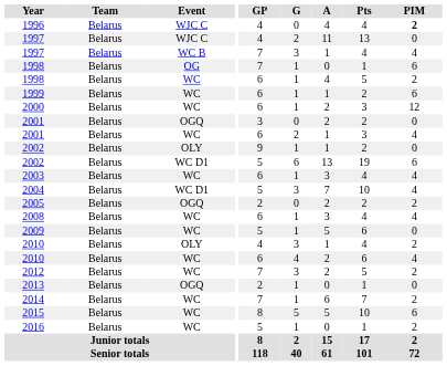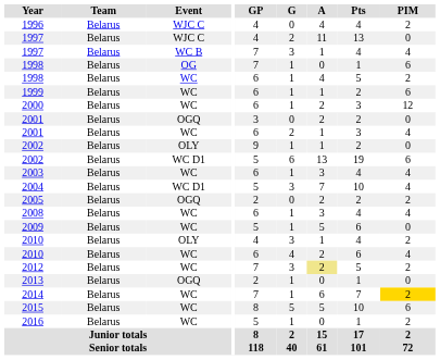 <table border="0" cellpadding="1" cellspacing="0" ID="Table3" style="text-align:center; width:40em">
 <tr bgcolor="#e0e0e0">
 <th>Year</th>
 <th>Team</th>
 <th>Event</th>
 <th rowspan="102" bgcolor="#ffffff"></th>
 <th>GP</th>
 <th>G</th>
 <th>A</th>
 <th>Pts</th>
 <th>PIM</th>
 </tr>
 <tr>
 <td><a href='#'>1996</a></td>
 <td><a href='#'>Belarus</a></td>
 <td><a href='#'>WJC C</a></td>
 <td>4</td>
 <td>0</td>
 <td>4</td>
 <td>4</td>
-<td><strong>2</strong></td>
+<td>2</td>
 </tr>
 <tr bgcolor="#f0f0f0">
 <td><a href='#'>1997</a></td>
 <td>Belarus</td>
 <td>WJC C</td>
 <td>4</td>
 <td>2</td>
 <td>11</td>
 <td>13</td>
 <td>0</td>
 </tr>
 <tr>
 <td><a href='#'>1997</a></td>
 <td><a href='#'>Belarus</a></td>
 <td><a href='#'>WC B</a></td>
 <td>7</td>
 <td>3</td>
 <td>1</td>
 <td>4</td>
 <td>4</td>
 </tr>
 <tr bgcolor="#f0f0f0">
 <td><a href='#'>1998</a></td>
 <td>Belarus</td>
 <td><a href='#'>OG</a></td>
 <td>7</td>
 <td>1</td>
 <td>0</td>
 <td>1</td>
 <td>6</td>
 </tr>
 <tr>
 <td><a href='#'>1998</a></td>
 <td>Belarus</td>
 <td><a href='#'>WC</a></td>
 <td>6</td>
 <td>1</td>
 <td>4</td>
 <td>5</td>
 <td>2</td>
 </tr>
 <tr bgcolor="#f0f0f0">
 <td><a href='#'>1999</a></td>
 <td>Belarus</td>
 <td>WC</td>
 <td>6</td>
 <td>1</td>
 <td>1</td>
 <td>2</td>
 <td>6</td>
 </tr>
 <tr>
 <td><a href='#'>2000</a></td>
 <td>Belarus</td>
 <td>WC</td>
 <td>6</td>
 <td>1</td>
 <td>2</td>
 <td>3</td>
 <td>12</td>
 </tr>
 <tr bgcolor="#f0f0f0">
 <td><a href='#'>2001</a></td>
 <td>Belarus</td>
 <td>OGQ</td>
 <td>3</td>
 <td>0</td>
 <td>2</td>
 <td>2</td>
 <td>0</td>
 </tr>
 <tr>
 <td><a href='#'>2001</a></td>
 <td>Belarus</td>
 <td>WC</td>
 <td>6</td>
 <td>2</td>
 <td>1</td>
 <td>3</td>
 <td>4</td>
 </tr>
 <tr bgcolor="#f0f0f0">
 <td><a href='#'>2002</a></td>
 <td>Belarus</td>
 <td>OLY</td>
 <td>9</td>
 <td>1</td>
 <td>1</td>
 <td>2</td>
 <td>0</td>
 </tr>
 <tr>
 <td><a href='#'>2002</a></td>
 <td>Belarus</td>
 <td>WC D1</td>
 <td>5</td>
 <td>6</td>
 <td>13</td>
 <td>19</td>
 <td>6</td>
 </tr>
 <tr bgcolor="#f0f0f0">
 <td><a href='#'>2003</a></td>
 <td>Belarus</td>
 <td>WC</td>
 <td>6</td>
 <td>1</td>
 <td>3</td>
 <td>4</td>
 <td>4</td>
 </tr>
 <tr>
 <td><a href='#'>2004</a></td>
 <td>Belarus</td>
 <td>WC D1</td>
 <td>5</td>
 <td>3</td>
 <td>7</td>
 <td>10</td>
 <td>4</td>
 </tr>
 <tr bgcolor="#f0f0f0">
 <td><a href='#'>2005</a></td>
 <td>Belarus</td>
 <td>OGQ</td>
 <td>2</td>
 <td>0</td>
 <td>2</td>
 <td>2</td>
 <td>2</td>
 </tr>
 <tr>
 <td><a href='#'>2008</a></td>
 <td>Belarus</td>
 <td>WC</td>
 <td>6</td>
 <td>1</td>
 <td>3</td>
 <td>4</td>
 <td>4</td>
 </tr>
 <tr bgcolor="#f0f0f0">
 <td><a href='#'>2009</a></td>
 <td>Belarus</td>
 <td>WC</td>
 <td>5</td>
 <td>1</td>
 <td>5</td>
 <td>6</td>
 <td>0</td>
 </tr>
 <tr>
 <td><a href='#'>2010</a></td>
 <td>Belarus</td>
 <td>OLY</td>
 <td>4</td>
 <td>3</td>
 <td>1</td>
 <td>4</td>
 <td>2</td>
 </tr>
 <tr bgcolor="#f0f0f0">
 <td><a href='#'>2010</a></td>
 <td>Belarus</td>
 <td>WC</td>
 <td>6</td>
 <td>4</td>
 <td>2</td>
 <td>6</td>
 <td>4</td>
 </tr>
 <tr>
 <td><a href='#'>2012</a></td>
 <td>Belarus</td>
 <td>WC</td>
 <td>7</td>
 <td>3</td>
-<td>2</td>
+<td style="background: khaki;">2</td>
 <td>5</td>
 <td>2</td>
 </tr>
 <tr bgcolor="#f0f0f0">
 <td><a href='#'>2013</a></td>
 <td>Belarus</td>
 <td>OGQ</td>
 <td>2</td>
 <td>1</td>
 <td>0</td>
 <td>1</td>
 <td>0</td>
 </tr>
 <tr>
 <td><a href='#'>2014</a></td>
 <td>Belarus</td>
 <td>WC</td>
 <td>7</td>
 <td>1</td>
 <td>6</td>
 <td>7</td>
-<td>2</td>
+<td style="background: gold;">2</td>
 </tr>
 <tr bgcolor="#f0f0f0">
 <td><a href='#'>2015</a></td>
 <td>Belarus</td>
 <td>WC</td>
 <td>8</td>
 <td>5</td>
 <td>5</td>
 <td>10</td>
 <td>6</td>
 </tr>
 <tr>
 <td><a href='#'>2016</a></td>
 <td>Belarus</td>
 <td>WC</td>
 <td>5</td>
 <td>1</td>
 <td>0</td>
 <td>1</td>
 <td>2</td>
 </tr>
 <tr bgcolor="#e0e0e0">
 <th colspan="3">Junior totals</th>
 <th>8</th>
 <th>2</th>
 <th>15</th>
 <th>17</th>
 <th>2</th>
 </tr>
 <tr bgcolor="#e0e0e0">
 <th colspan="3">Senior totals</th>
 <th>118</th>
 <th>40</th>
 <th>61</th>
 <th>101</th>
 <th>72</th>
 </tr>
 </table>
